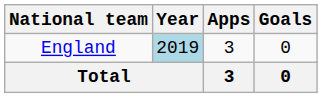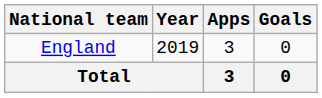 <table class="wikitable" style="text-align: center;">
 <tr>
 <th>National team</th>
 <th>Year</th>
 <th>Apps</th>
 <th>Goals</th>
 </tr>
 <tr>
 <td><a href='#'>England</a></td>
-<td style="background: lightblue;">2019</td>
+<td>2019</td>
 <td>3</td>
 <td>0</td>
 </tr>
 <tr>
 <th colspan="2">Total</th>
 <th>3</th>
 <th>0</th>
 </tr>
 </table>
